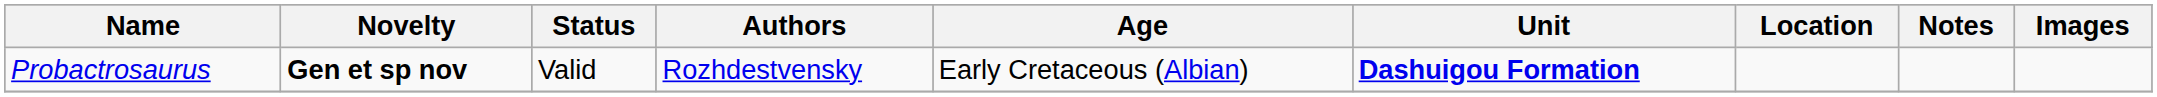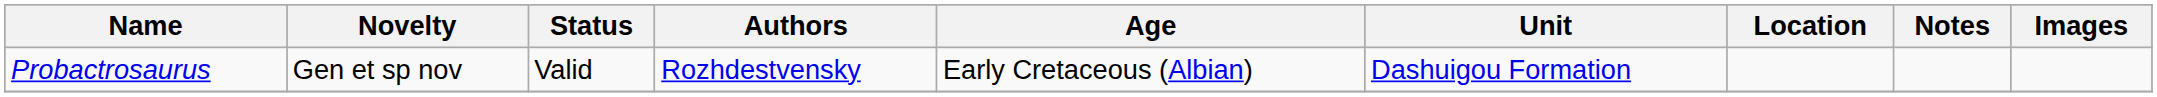 <table class="wikitable sortable" align="center" width="100%">
 <tr>
 <th>Name</th>
 <th>Novelty</th>
 <th>Status</th>
 <th>Authors</th>
 <th>Age</th>
 <th>Unit</th>
 <th>Location</th>
 <th>Notes</th>
 <th>Images</th>
 </tr>
 <tr>
 <td><em><a href='#'>Probactrosaurus</a></em></td>
-<td><strong>Gen et sp nov</strong></td>
+<td>Gen et sp nov</td>
 <td>Valid</td>
 <td><a href='#'>Rozhdestvensky</a></td>
 <td>Early Cretaceous (<a href='#'>Albian</a>)</td>
-<td><strong><a href='#'>Dashuigou Formation</a></strong></td>
+<td><a href='#'>Dashuigou Formation</a></td>
 <td></td>
 <td></td>
 <td><br></td>
 </tr>
 <tr>
 </tr>
 </table>
